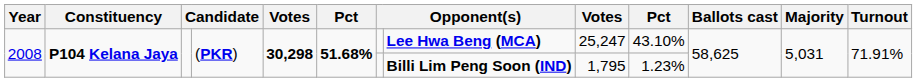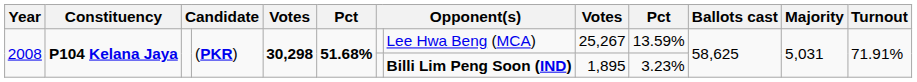 <table class="wikitable" style="margin:0.5em ; font-size:95%">
 <tr>
 <th>Year</th>
 <th>Constituency</th>
 <th colspan=2>Candidate</th>
 <th>Votes</th>
 <th>Pct</th>
 <th colspan=2>Opponent(s)</th>
 <th>Votes</th>
 <th>Pct</th>
 <th>Ballots cast</th>
 <th>Majority</th>
 <th>Turnout</th>
 </tr>
 <tr>
 <td rowspan=2><a href='#'>2008</a></td>
 <td rowspan=2><strong>P104 <a href='#'>Kelana Jaya</a></strong></td>
 <td rowspan=2 ></td>
 <td rowspan=2> (<a href='#'><strong>PKR</strong></a>)</td>
 <td rowspan=2 align="right"><strong>30,298</strong></td>
 <td rowspan=2><strong>51.68%</strong></td>
 <td></td>
-<td><strong><a href='#'>Lee Hwa Beng</a> (<a href='#'>MCA</a>)</strong></td>
-<td align="right">25,247</td>
-<td>43.10%</td>
+<td><a href='#'>Lee Hwa Beng</a> (<a href='#'>MCA</a>)</td>
+<td align="right">25,267</td>
+<td>13.59%</td>
 <td rowspan=2>58,625</td>
 <td rowspan=2>5,031</td>
 <td rowspan=2>71.91%</td>
 </tr>
 <tr>
 <td></td>
 <td><strong>Billi Lim Peng Soon (<a href='#'>IND</a>)</strong></td>
-<td align="right">1,795</td>
-<td align=right>1.23%</td>
+<td align="right">1,895</td>
+<td align=right>3.23%</td>
 </tr>
 </table>
